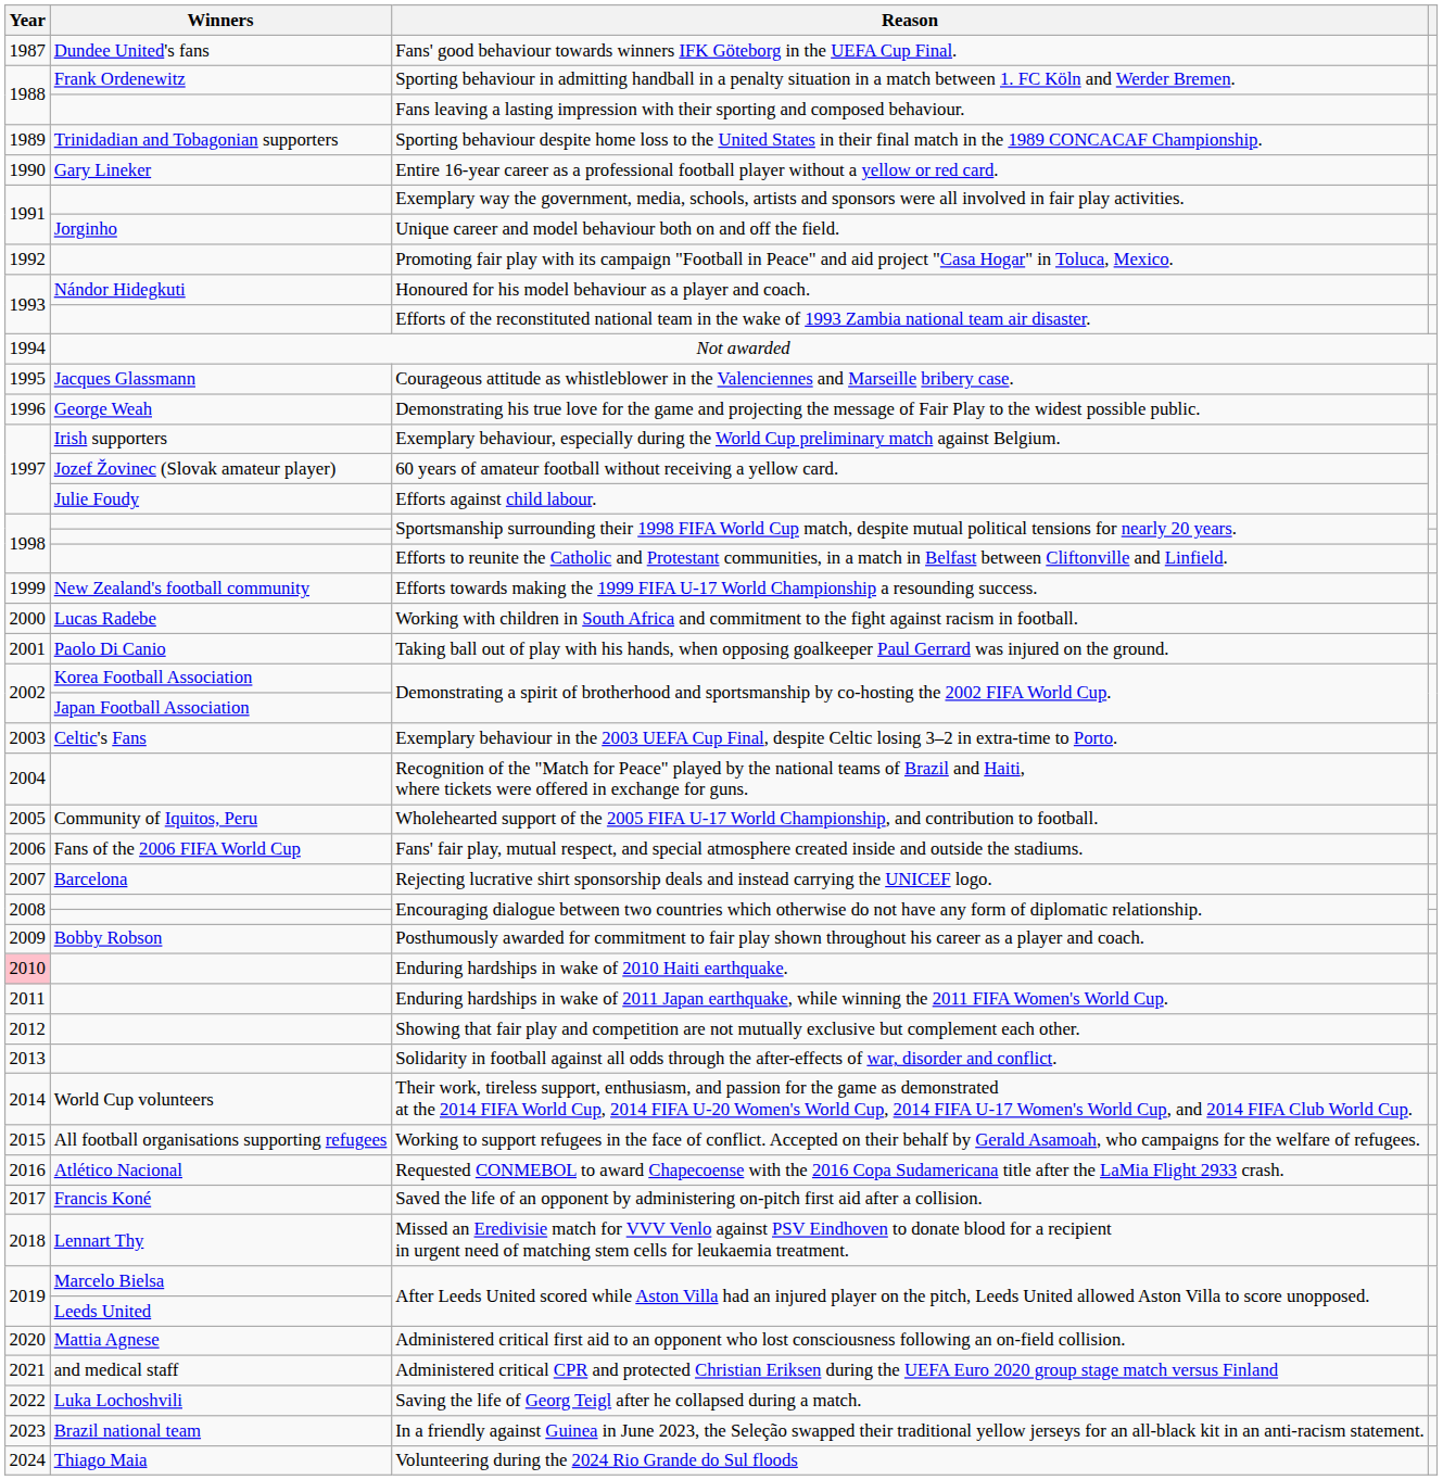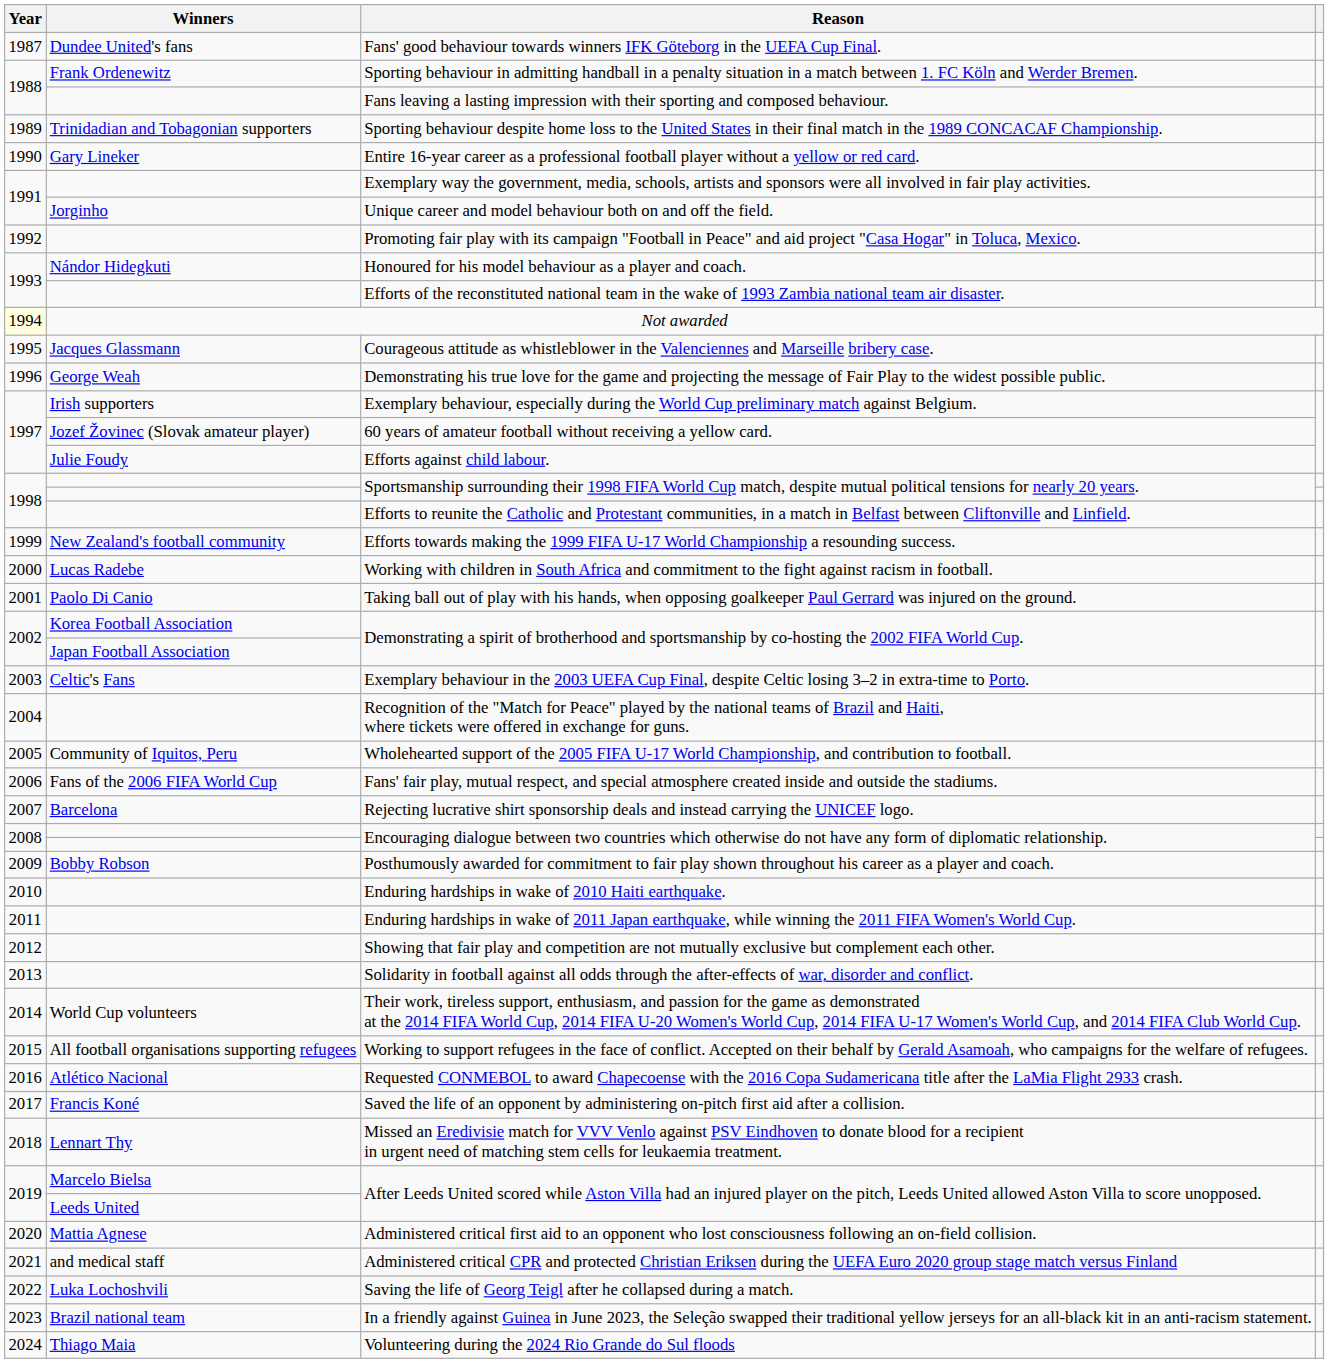 <table class="wikitable" style="text-align: center;font-size:90%;">
 <tr>
 <th>Year</th>
 <th>Winners</th>
 <th>Reason</th>
 <th></th>
 </tr>
 <tr>
 <td>1987</td>
 <td align="left"> <a href='#'>Dundee United</a>'s fans</td>
 <td align="left">Fans' good behaviour towards winners <a href='#'>IFK Göteborg</a> in the <a href='#'>UEFA Cup Final</a>.</td>
 <td></td>
 </tr>
 <tr>
 <td rowspan="2">1988</td>
 <td align="left"> <a href='#'>Frank Ordenewitz</a></td>
 <td align="left">Sporting behaviour in admitting handball in a penalty situation in a match between <a href='#'>1. FC Köln</a> and <a href='#'>Werder Bremen</a>.</td>
 <td></td>
 </tr>
 <tr>
 <td align="left"></td>
 <td align="left">Fans leaving a lasting impression with their sporting and composed behaviour.</td>
 <td></td>
 </tr>
 <tr>
 <td>1989</td>
 <td align="left"> <a href='#'>Trinidadian and Tobagonian</a> supporters</td>
 <td align="left">Sporting behaviour despite home loss to the <a href='#'>United States</a> in their final match in the <a href='#'>1989 CONCACAF Championship</a>.</td>
 <td></td>
 </tr>
 <tr>
 <td>1990</td>
 <td align="left"> <a href='#'>Gary Lineker</a></td>
 <td align="left">Entire 16-year career as a professional football player without a <a href='#'>yellow or red card</a>.</td>
 <td></td>
 </tr>
 <tr>
 <td rowspan="2">1991</td>
 <td align="left"></td>
 <td align="left">Exemplary way the government, media, schools, artists and sponsors were all involved in fair play activities.</td>
 <td></td>
 </tr>
 <tr>
 <td align="left"> <a href='#'>Jorginho</a></td>
 <td align="left">Unique career and model behaviour both on and off the field.</td>
 <td></td>
 </tr>
 <tr>
 <td>1992</td>
 <td align="left"></td>
 <td align="left">Promoting fair play with its campaign "Football in Peace" and aid project "<a href='#'>Casa Hogar</a>" in <a href='#'>Toluca</a>, <a href='#'>Mexico</a>.</td>
 <td></td>
 </tr>
 <tr>
 <td rowspan="2">1993</td>
 <td align="left"> <a href='#'>Nándor Hidegkuti</a></td>
 <td align="left">Honoured for his model behaviour as a player and coach.</td>
 <td></td>
 </tr>
 <tr>
 <td align="left"></td>
 <td align="left">Efforts of the reconstituted national team in the wake of <a href='#'>1993 Zambia national team air disaster</a>.</td>
 <td></td>
 </tr>
 <tr>
-<td>1994</td>
+<td style="background: lightyellow;">1994</td>
 <td colspan="3"><em>Not awarded</em></td>
 </tr>
 <tr>
 <td>1995</td>
 <td align="left"> <a href='#'>Jacques Glassmann</a></td>
 <td align="left">Courageous attitude as whistleblower in the <a href='#'>Valenciennes</a> and <a href='#'>Marseille</a> <a href='#'>bribery case</a>.</td>
 <td></td>
 </tr>
 <tr>
 <td>1996</td>
 <td align="left"> <a href='#'>George Weah</a></td>
 <td align="left">Demonstrating his true love for the game and projecting the message of Fair Play to the widest possible public.</td>
 <td></td>
 </tr>
 <tr>
 <td rowspan="3">1997</td>
 <td align="left"> <a href='#'>Irish</a> supporters</td>
 <td align="left">Exemplary behaviour, especially during the <a href='#'>World Cup preliminary match</a> against Belgium.</td>
 <td rowspan="3"></td>
 </tr>
 <tr>
 <td align="left"> <a href='#'>Jozef Žovinec</a> (Slovak amateur player)</td>
 <td align="left">60 years of amateur football without receiving a yellow card.</td>
 </tr>
 <tr>
 <td align="left"> <a href='#'>Julie Foudy</a></td>
 <td align="left">Efforts against <a href='#'>child labour</a>.</td>
 </tr>
 <tr>
 <td rowspan="3">1998</td>
 <td align="left"></td>
 <td align="left"rowspan=2>Sportsmanship surrounding their <a href='#'>1998 FIFA World Cup</a> match, despite mutual political tensions for <a href='#'>nearly 20 years</a>.</td>
 <td></td>
 </tr>
 <tr>
 <td align="left"></td>
 <td></td>
 </tr>
 <tr>
 <td align="left"></td>
 <td align="left">Efforts to reunite the <a href='#'>Catholic</a> and <a href='#'>Protestant</a> communities, in a match in <a href='#'>Belfast</a> between <a href='#'>Cliftonville</a> and <a href='#'>Linfield</a>.</td>
 <td></td>
 </tr>
 <tr>
 <td>1999</td>
 <td align="left"> <a href='#'>New Zealand's football community</a></td>
 <td align="left">Efforts towards making the <a href='#'>1999 FIFA U-17 World Championship</a> a resounding success.</td>
 <td></td>
 </tr>
 <tr>
 <td>2000</td>
 <td align="left"> <a href='#'>Lucas Radebe</a></td>
 <td align="left">Working with children in <a href='#'>South Africa</a> and commitment to the fight against racism in football.</td>
 <td></td>
 </tr>
 <tr>
 <td>2001</td>
 <td align="left"> <a href='#'>Paolo Di Canio</a></td>
 <td align="left">Taking ball out of play with his hands, when opposing goalkeeper <a href='#'>Paul Gerrard</a> was injured on the ground.</td>
 <td></td>
 </tr>
 <tr>
 <td rowspan="2">2002</td>
 <td align="left"> <a href='#'>Korea Football Association</a></td>
 <td align="left"rowspan=2>Demonstrating a spirit of brotherhood and sportsmanship by co-hosting the <a href='#'>2002 FIFA World Cup</a>.</td>
 <td rowspan="2"></td>
 </tr>
 <tr>
 <td align="left"> <a href='#'>Japan Football Association</a></td>
 </tr>
 <tr>
 <td>2003</td>
 <td align="left"> <a href='#'>Celtic</a>'s <a href='#'>Fans</a></td>
 <td align="left">Exemplary behaviour in the <a href='#'>2003 UEFA Cup Final</a>, despite Celtic losing 3–2 in extra-time to <a href='#'>Porto</a>.</td>
 <td></td>
 </tr>
 <tr>
 <td>2004</td>
 <td align="left"></td>
 <td align="left">Recognition of the "Match for Peace" played by the national teams of <a href='#'>Brazil</a> and <a href='#'>Haiti</a>,<br>where tickets were offered in exchange for guns.</td>
 <td></td>
 </tr>
 <tr>
 <td>2005</td>
 <td align="left"> Community of <a href='#'>Iquitos, Peru</a></td>
 <td align="left">Wholehearted support of the <a href='#'>2005 FIFA U-17 World Championship</a>, and contribution to football.</td>
 <td></td>
 </tr>
 <tr>
 <td>2006</td>
 <td align="left"> Fans of the <a href='#'>2006 FIFA World Cup</a></td>
 <td align="left">Fans' fair play, mutual respect, and special atmosphere created inside and outside the stadiums.</td>
 <td></td>
 </tr>
 <tr>
 <td>2007</td>
 <td align="left"> <a href='#'>Barcelona</a></td>
 <td align="left">Rejecting lucrative shirt sponsorship deals and instead carrying the <a href='#'>UNICEF</a> logo.</td>
 <td></td>
 </tr>
 <tr>
 <td rowspan="2">2008</td>
 <td align="left"></td>
 <td align="left"rowspan="2">Encouraging dialogue between two countries which otherwise do not have any form of diplomatic relationship.</td>
 <td></td>
 </tr>
 <tr>
 <td align="left"></td>
 <td></td>
 </tr>
 <tr>
 <td>2009</td>
 <td align="left"> <a href='#'>Bobby Robson</a></td>
 <td align="left">Posthumously awarded for commitment to fair play shown throughout his career as a player and coach.</td>
 <td></td>
 </tr>
 <tr>
-<td style="background: pink;">2010</td>
+<td>2010</td>
 <td align="left"></td>
 <td align="left">Enduring hardships in wake of <a href='#'>2010 Haiti earthquake</a>.</td>
 <td></td>
 </tr>
 <tr>
 <td>2011</td>
 <td align="left"></td>
 <td align="left">Enduring hardships in wake of <a href='#'>2011 Japan earthquake</a>, while winning the <a href='#'>2011 FIFA Women's World Cup</a>.</td>
 <td></td>
 </tr>
 <tr>
 <td>2012</td>
 <td align="left"></td>
 <td align="left">Showing that fair play and competition are not mutually exclusive but complement each other.</td>
 <td></td>
 </tr>
 <tr>
 <td>2013</td>
 <td align="left"></td>
 <td align="left">Solidarity in football against all odds through the after-effects of <a href='#'>war, disorder and conflict</a>.</td>
 <td></td>
 </tr>
 <tr>
 <td>2014</td>
 <td align="left">    World Cup volunteers</td>
 <td align="left">Their work, tireless support, enthusiasm, and passion for the game as demonstrated<br>at the <a href='#'>2014 FIFA World Cup</a>, <a href='#'>2014 FIFA U-20 Women's World Cup</a>, <a href='#'>2014 FIFA U-17 Women's World Cup</a>, and <a href='#'>2014 FIFA Club World Cup</a>.</td>
 <td></td>
 </tr>
 <tr>
 <td>2015</td>
 <td align="left">All football organisations supporting <a href='#'>refugees</a></td>
 <td align="left">Working to support refugees in the face of conflict. Accepted on their behalf by <a href='#'>Gerald Asamoah</a>, who campaigns for the welfare of refugees.</td>
 <td></td>
 </tr>
 <tr>
 <td>2016</td>
 <td align="left"> <a href='#'>Atlético Nacional</a></td>
 <td align="left">Requested <a href='#'>CONMEBOL</a> to award <a href='#'>Chapecoense</a> with the <a href='#'>2016 Copa Sudamericana</a> title after the <a href='#'>LaMia Flight 2933</a> crash.</td>
 <td></td>
 </tr>
 <tr>
 <td>2017</td>
 <td align="left"> <a href='#'>Francis Koné</a></td>
 <td align="left">Saved the life of an opponent by administering on-pitch first aid after a collision.</td>
 <td></td>
 </tr>
 <tr>
 <td>2018</td>
 <td align="left"> <a href='#'>Lennart Thy</a></td>
 <td align="left">Missed an <a href='#'>Eredivisie</a> match for <a href='#'>VVV Venlo</a> against <a href='#'>PSV Eindhoven</a> to donate blood for a recipient<br>in urgent need of matching stem cells for leukaemia treatment.</td>
 <td></td>
 </tr>
 <tr>
 <td rowspan="2">2019</td>
 <td align="left"> <a href='#'>Marcelo Bielsa</a></td>
 <td align="left"rowspan="2">After Leeds United scored while <a href='#'>Aston Villa</a> had an injured player on the pitch, Leeds United allowed Aston Villa to score unopposed.</td>
 <td rowspan="2"></td>
 </tr>
 <tr>
 <td align="left"> <a href='#'>Leeds United</a></td>
 </tr>
 <tr>
 <td>2020</td>
 <td align="left"> <a href='#'>Mattia Agnese</a></td>
 <td align="left">Administered critical first aid to an opponent who lost consciousness following an on-field collision.</td>
 <td></td>
 </tr>
 <tr>
 <td>2021</td>
 <td align="left"> and medical staff</td>
 <td align="left">Administered critical <a href='#'>CPR</a> and protected <a href='#'>Christian Eriksen</a> during the <a href='#'>UEFA Euro 2020 group stage match versus Finland</a></td>
 <td></td>
 </tr>
 <tr>
 <td>2022</td>
 <td align="left"> <a href='#'>Luka Lochoshvili</a></td>
 <td align="left">Saving the life of  <a href='#'>Georg Teigl</a> after he collapsed during a match.</td>
 <td></td>
 </tr>
 <tr>
 <td>2023</td>
 <td align="left"> <a href='#'>Brazil national team</a></td>
 <td align="left">In a friendly against <a href='#'>Guinea</a> in June 2023, the Seleção swapped their traditional yellow jerseys for an all-black kit in an anti-racism statement.</td>
 <td></td>
 </tr>
 <tr>
 <td>2024</td>
 <td align="left"> <a href='#'>Thiago Maia</a></td>
 <td align="left">Volunteering during the <a href='#'>2024 Rio Grande do Sul floods</a></td>
 <td></td>
 </tr>
 </table>
